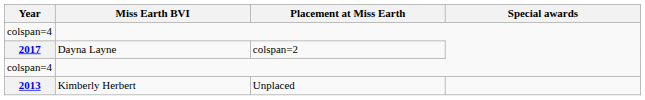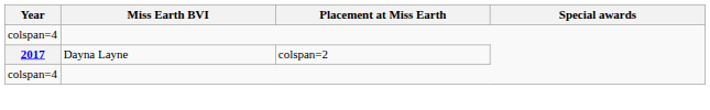 <table class="wikitable " style="font-size: 90%;">
 <tr>
 <th width="60">Year</th>
 <th width="250">Miss Earth BVI</th>
 <th width="250">Placement at Miss Earth</th>
 <th width="250">Special awards</th>
 </tr>
 <tr>
 <td>colspan=4 </td>
 </tr>
 <tr>
 <th><a href='#'>2017</a></th>
 <td>Dayna Layne</td>
 <td>colspan=2 </td>
 </tr>
 <tr>
 <td>colspan=4 </td>
 </tr>
-<tr>
-<th><a href='#'>2013</a></th>
-<td>Kimberly Herbert</td>
-<td>Unplaced</td>
-<td></td>
-</tr>
 </table>
